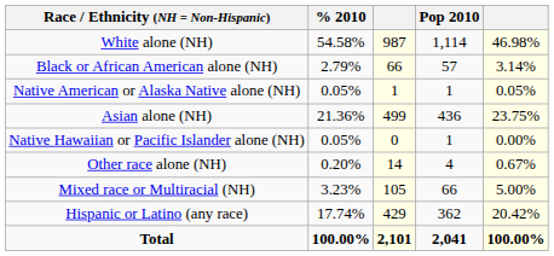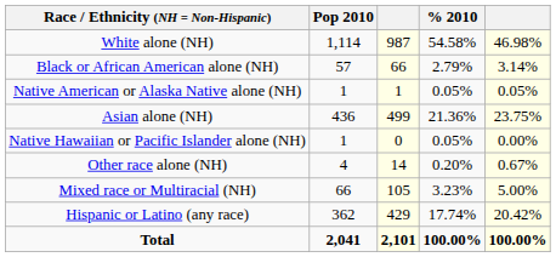 <table class="wikitable" style="text-align:center;">
 <tr>
 <th>Race / Ethnicity <small>(<em>NH = Non-Hispanic</em>)</small></th>
+<th>Pop 2010</th>
+<th></th>
 <th>% 2010</th>
-<th></th>
-<th>Pop 2010</th>
 <th></th>
 </tr>
 <tr>
 <td><a href='#'>White</a> alone (NH)</td>
+<td>1,114</td>
+<td style='background: #ffffe6;'>987</td>
 <td>54.58%</td>
-<td style='background: #ffffe6;'>987</td>
-<td>1,114</td>
 <td style='background: #ffffe6;'>46.98%</td>
 </tr>
 <tr>
 <td><a href='#'>Black or African American</a> alone (NH)</td>
+<td>57</td>
+<td style='background: #ffffe6;'>66</td>
 <td>2.79%</td>
-<td style='background: #ffffe6;'>66</td>
-<td>57</td>
 <td style='background: #ffffe6;'>3.14%</td>
 </tr>
 <tr>
 <td><a href='#'>Native American</a> or <a href='#'>Alaska Native</a> alone (NH)</td>
+<td>1</td>
+<td style='background: #ffffe6;'>1</td>
 <td>0.05%</td>
-<td style='background: #ffffe6;'>1</td>
-<td>1</td>
 <td style='background: #ffffe6;'>0.05%</td>
 </tr>
 <tr>
 <td><a href='#'>Asian</a> alone (NH)</td>
+<td>436</td>
+<td style='background: #ffffe6;'>499</td>
 <td>21.36%</td>
-<td style='background: #ffffe6;'>499</td>
-<td>436</td>
 <td style='background: #ffffe6;'>23.75%</td>
 </tr>
 <tr>
 <td><a href='#'>Native Hawaiian</a> or <a href='#'>Pacific Islander</a> alone (NH)</td>
+<td>1</td>
+<td style='background: #ffffe6;'>0</td>
 <td>0.05%</td>
-<td style='background: #ffffe6;'>0</td>
-<td>1</td>
 <td style='background: #ffffe6;'>0.00%</td>
 </tr>
 <tr>
 <td><a href='#'>Other race</a> alone (NH)</td>
+<td>4</td>
+<td style='background: #ffffe6;'>14</td>
 <td>0.20%</td>
-<td style='background: #ffffe6;'>14</td>
-<td>4</td>
 <td style='background: #ffffe6;'>0.67%</td>
 </tr>
 <tr>
 <td><a href='#'>Mixed race or Multiracial</a> (NH)</td>
+<td>66</td>
+<td style='background: #ffffe6;'>105</td>
 <td>3.23%</td>
-<td style='background: #ffffe6;'>105</td>
-<td>66</td>
 <td style='background: #ffffe6;'>5.00%</td>
 </tr>
 <tr>
 <td><a href='#'>Hispanic or Latino</a> (any race)</td>
+<td>362</td>
+<td style='background: #ffffe6;'>429</td>
 <td>17.74%</td>
-<td style='background: #ffffe6;'>429</td>
-<td>362</td>
 <td style='background: #ffffe6;'>20.42%</td>
 </tr>
 <tr>
 <td><strong>Total</strong></td>
+<td><strong>2,041</strong></td>
+<td style='background: #ffffe6;'><strong>2,101</strong></td>
 <td><strong>100.00%</strong></td>
-<td style='background: #ffffe6;'><strong>2,101</strong></td>
-<td><strong>2,041</strong></td>
 <td style='background: #ffffe6;'><strong>100.00%</strong></td>
 </tr>
 </table>
